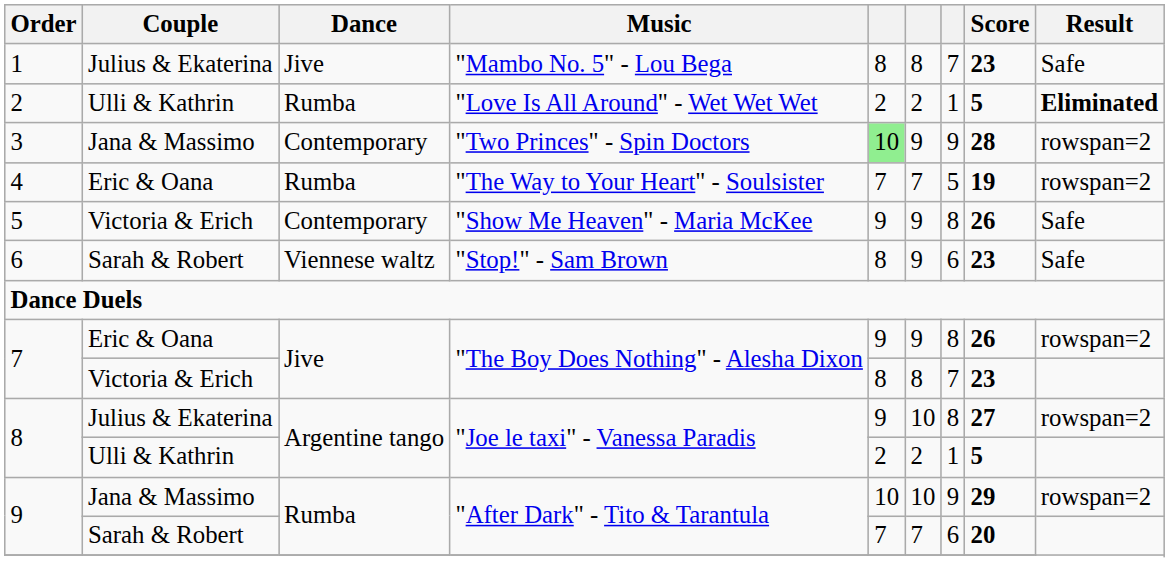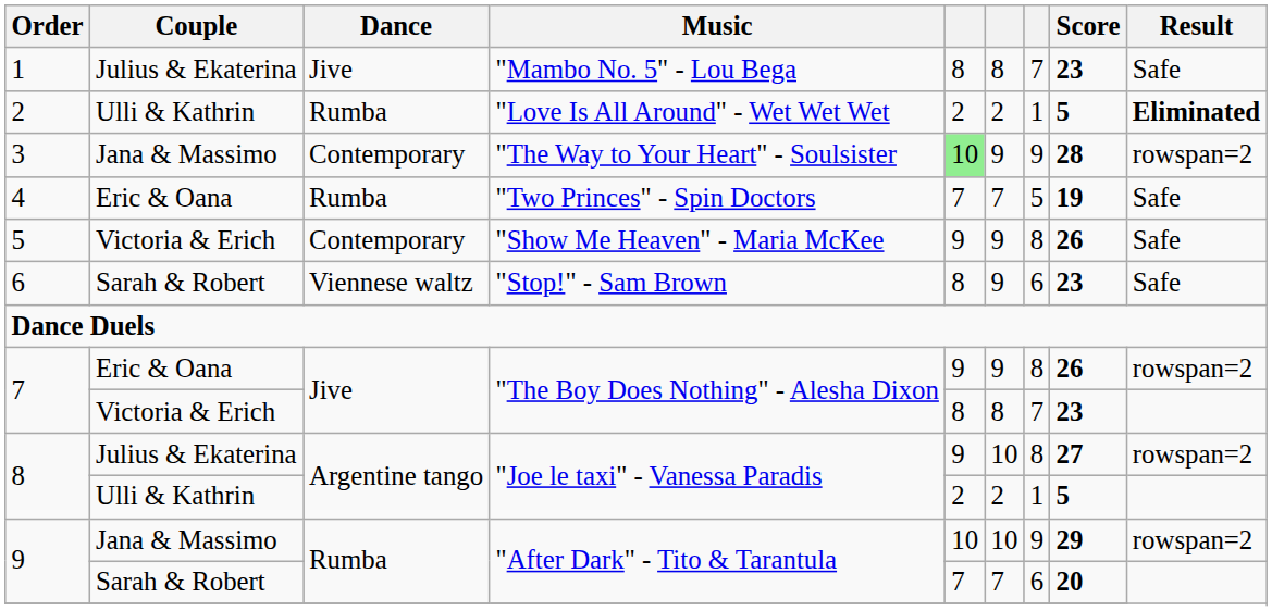 <table class="wikitable unsortable center">
 <tr>
 <th>Order</th>
 <th>Couple</th>
 <th>Dance</th>
 <th>Music</th>
 <th><small></small></th>
 <th><small></small></th>
 <th><small></small></th>
 <th>Score</th>
 <th>Result</th>
 </tr>
 <tr>
 <td>1</td>
 <td>Julius & Ekaterina</td>
 <td>Jive</td>
 <td>"<a href='#'>Mambo No. 5</a>" - <a href='#'>Lou Bega</a></td>
 <td>8</td>
 <td>8</td>
 <td>7</td>
 <td><strong>23</strong></td>
 <td>Safe</td>
 </tr>
 <tr>
 <td>2</td>
 <td>Ulli & Kathrin</td>
 <td>Rumba</td>
 <td>"<a href='#'>Love Is All Around</a>" - <a href='#'>Wet Wet Wet</a></td>
 <td>2</td>
 <td>2</td>
 <td>1</td>
 <td><strong>5</strong></td>
 <td><strong>Eliminated</strong></td>
 </tr>
 <tr>
 <td>3</td>
 <td>Jana & Massimo</td>
 <td>Contemporary</td>
-<td>"<a href='#'>Two Princes</a>" - <a href='#'>Spin Doctors</a></td>
+<td>"<a href='#'>The Way to Your Heart</a>" - <a href='#'>Soulsister</a></td>
 <td style="background: lightgreen;">10</td>
 <td>9</td>
 <td>9</td>
 <td><strong>28</strong></td>
 <td>rowspan=2 </td>
 </tr>
 <tr>
 <td>4</td>
 <td>Eric & Oana</td>
 <td>Rumba</td>
-<td>"<a href='#'>The Way to Your Heart</a>" - <a href='#'>Soulsister</a></td>
+<td>"<a href='#'>Two Princes</a>" - <a href='#'>Spin Doctors</a></td>
 <td>7</td>
 <td>7</td>
 <td>5</td>
 <td><strong>19</strong></td>
-<td>rowspan=2 </td>
+<td>Safe</td>
 </tr>
 <tr>
 <td>5</td>
 <td>Victoria & Erich</td>
 <td>Contemporary</td>
 <td>"<a href='#'>Show Me Heaven</a>" - <a href='#'>Maria McKee</a></td>
 <td>9</td>
 <td>9</td>
 <td>8</td>
 <td><strong>26</strong></td>
 <td>Safe</td>
 </tr>
 <tr>
 <td>6</td>
 <td>Sarah & Robert</td>
 <td>Viennese waltz</td>
 <td>"<a href='#'>Stop!</a>" - <a href='#'>Sam Brown</a></td>
 <td>8</td>
 <td>9</td>
 <td>6</td>
 <td><strong>23</strong></td>
 <td>Safe</td>
 </tr>
 <tr>
 <td colspan=9><strong>Dance Duels</strong></td>
 </tr>
 <tr>
 <td rowspan=2>7</td>
 <td>Eric & Oana</td>
 <td rowspan=2>Jive</td>
 <td rowspan=2>"<a href='#'>The Boy Does Nothing</a>" - <a href='#'>Alesha Dixon</a></td>
 <td>9</td>
 <td>9</td>
 <td>8</td>
 <td><strong>26</strong></td>
 <td>rowspan=2 </td>
 </tr>
 <tr>
 <td>Victoria & Erich</td>
 <td>8</td>
 <td>8</td>
 <td>7</td>
 <td><strong>23</strong></td>
 </tr>
 <tr>
 <td rowspan=2>8</td>
 <td>Julius & Ekaterina</td>
 <td rowspan=2>Argentine tango</td>
 <td rowspan=2>"<a href='#'>Joe le taxi</a>" - <a href='#'>Vanessa Paradis</a></td>
 <td>9</td>
 <td>10</td>
 <td>8</td>
 <td><strong>27</strong></td>
 <td>rowspan=2 </td>
 </tr>
 <tr>
 <td>Ulli & Kathrin</td>
 <td>2</td>
 <td>2</td>
 <td>1</td>
 <td><strong>5</strong></td>
 </tr>
 <tr>
 <td rowspan=2>9</td>
 <td>Jana & Massimo</td>
 <td rowspan=2>Rumba</td>
 <td rowspan=2>"<a href='#'>After Dark</a>" - <a href='#'>Tito & Tarantula</a></td>
 <td>10</td>
 <td>10</td>
 <td>9</td>
 <td><strong>29</strong></td>
 <td>rowspan=2 </td>
 </tr>
 <tr>
 <td>Sarah & Robert</td>
 <td>7</td>
 <td>7</td>
 <td>6</td>
 <td><strong>20</strong></td>
 </tr>
 <tr>
 </tr>
 </table>
